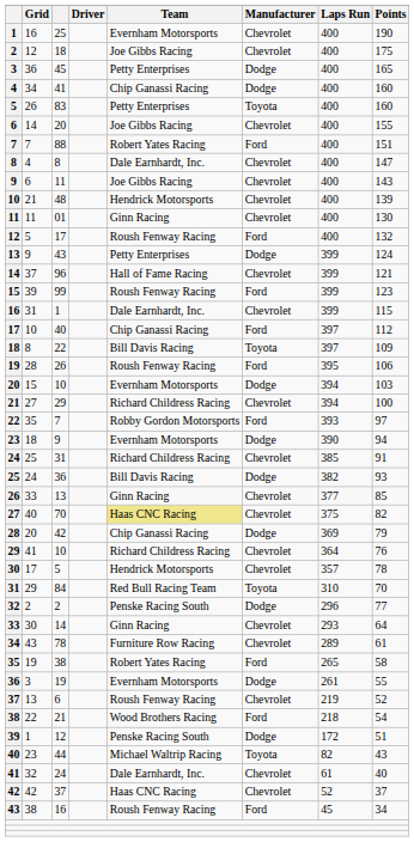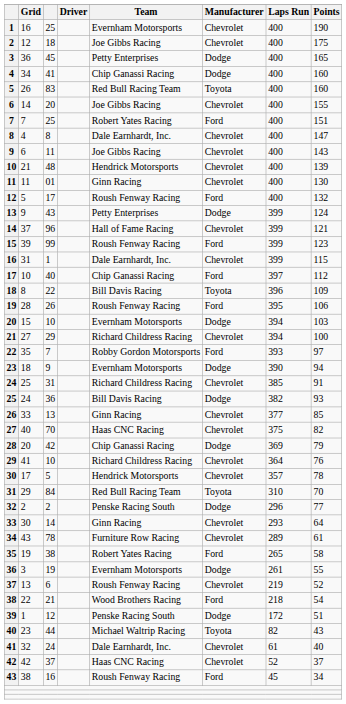 <table class="wikitable sortable" border="1">
 <tr>
 </tr>
 <tr>
 <th scope="col"></th>
 <th scope="col">Grid</th>
 <th scope="col"></th>
 <th scope="col">Driver</th>
 <th scope="col">Team</th>
 <th scope="col">Manufacturer</th>
 <th scope="col">Laps Run</th>
 <th scope="col">Points</th>
 </tr>
 <tr>
 <th scope="row">1</th>
 <td>16</td>
 <td>25</td>
 <td></td>
 <td>Evernham Motorsports</td>
 <td>Chevrolet</td>
 <td>400</td>
 <td>190</td>
 </tr>
 <tr>
 <th scope="row">2</th>
 <td>12</td>
 <td>18</td>
 <td></td>
 <td>Joe Gibbs Racing</td>
 <td>Chevrolet</td>
 <td>400</td>
 <td>175</td>
 </tr>
 <tr>
 <th scope="row">3</th>
 <td>36</td>
 <td>45</td>
 <td></td>
 <td>Petty Enterprises</td>
 <td>Dodge</td>
 <td>400</td>
 <td>165</td>
 </tr>
 <tr>
 <th scope="row">4</th>
 <td>34</td>
 <td>41</td>
 <td></td>
 <td>Chip Ganassi Racing</td>
 <td>Dodge</td>
 <td>400</td>
 <td>160</td>
 </tr>
 <tr>
 <th scope="row">5</th>
 <td>26</td>
 <td>83</td>
 <td></td>
-<td>Petty Enterprises</td>
+<td>Red Bull Racing Team</td>
 <td>Toyota</td>
 <td>400</td>
 <td>160</td>
 </tr>
 <tr>
 <th scope="row">6</th>
 <td>14</td>
 <td>20</td>
 <td></td>
 <td>Joe Gibbs Racing</td>
 <td>Chevrolet</td>
 <td>400</td>
 <td>155</td>
 </tr>
 <tr>
 <th scope="row">7</th>
 <td>7</td>
-<td>88</td>
+<td>25</td>
 <td></td>
 <td>Robert Yates Racing</td>
 <td>Ford</td>
 <td>400</td>
 <td>151</td>
 </tr>
 <tr>
 <th scope="row">8</th>
 <td>4</td>
 <td>8</td>
 <td></td>
 <td>Dale Earnhardt, Inc.</td>
 <td>Chevrolet</td>
 <td>400</td>
 <td>147</td>
 </tr>
 <tr>
 <th scope="row">9</th>
 <td>6</td>
 <td>11</td>
 <td></td>
 <td>Joe Gibbs Racing</td>
 <td>Chevrolet</td>
 <td>400</td>
 <td>143</td>
 </tr>
 <tr>
 <th scope="row">10</th>
 <td>21</td>
 <td>48</td>
 <td></td>
 <td>Hendrick Motorsports</td>
 <td>Chevrolet</td>
 <td>400</td>
 <td>139</td>
 </tr>
 <tr>
 <th scope="row">11</th>
 <td>11</td>
 <td>01</td>
 <td></td>
 <td>Ginn Racing</td>
 <td>Chevrolet</td>
 <td>400</td>
 <td>130</td>
 </tr>
 <tr>
 <th scope="row">12</th>
 <td>5</td>
 <td>17</td>
 <td></td>
 <td>Roush Fenway Racing</td>
 <td>Ford</td>
 <td>400</td>
 <td>132</td>
 </tr>
 <tr>
 <th scope="row">13</th>
 <td>9</td>
 <td>43</td>
 <td></td>
 <td>Petty Enterprises</td>
 <td>Dodge</td>
 <td>399</td>
 <td>124</td>
 </tr>
 <tr>
 <th scope="row">14</th>
 <td>37</td>
 <td>96</td>
 <td></td>
 <td>Hall of Fame Racing</td>
 <td>Chevrolet</td>
 <td>399</td>
 <td>121</td>
 </tr>
 <tr>
 <th scope="row">15</th>
 <td>39</td>
 <td>99</td>
 <td></td>
 <td>Roush Fenway Racing</td>
 <td>Ford</td>
 <td>399</td>
 <td>123</td>
 </tr>
 <tr>
 <th scope="row">16</th>
 <td>31</td>
 <td>1</td>
 <td></td>
 <td>Dale Earnhardt, Inc.</td>
 <td>Chevrolet</td>
 <td>399</td>
 <td>115</td>
 </tr>
 <tr>
 <th scope="row">17</th>
 <td>10</td>
 <td>40</td>
 <td></td>
 <td>Chip Ganassi Racing</td>
 <td>Ford</td>
 <td>397</td>
 <td>112</td>
 </tr>
 <tr>
 <th scope="row">18</th>
 <td>8</td>
 <td>22</td>
 <td></td>
 <td>Bill Davis Racing</td>
 <td>Toyota</td>
-<td>397</td>
+<td>396</td>
 <td>109</td>
 </tr>
 <tr>
 <th scope="row">19</th>
 <td>28</td>
 <td>26</td>
 <td></td>
 <td>Roush Fenway Racing</td>
 <td>Ford</td>
 <td>395</td>
 <td>106</td>
 </tr>
 <tr>
 <th scope="row">20</th>
 <td>15</td>
 <td>10</td>
 <td></td>
 <td>Evernham Motorsports</td>
 <td>Dodge</td>
 <td>394</td>
 <td>103</td>
 </tr>
 <tr>
 <th scope="row">21</th>
 <td>27</td>
 <td>29</td>
 <td></td>
 <td>Richard Childress Racing</td>
 <td>Chevrolet</td>
 <td>394</td>
 <td>100</td>
 </tr>
 <tr>
 <th scope="row">22</th>
 <td>35</td>
 <td>7</td>
 <td></td>
 <td>Robby Gordon Motorsports</td>
 <td>Ford</td>
 <td>393</td>
 <td>97</td>
 </tr>
 <tr>
 <th scope="row">23</th>
 <td>18</td>
 <td>9</td>
 <td></td>
 <td>Evernham Motorsports</td>
 <td>Dodge</td>
 <td>390</td>
 <td>94</td>
 </tr>
 <tr>
 <th scope="row">24</th>
 <td>25</td>
 <td>31</td>
 <td></td>
 <td>Richard Childress Racing</td>
 <td>Chevrolet</td>
 <td>385</td>
 <td>91</td>
 </tr>
 <tr>
 <th scope="row">25</th>
 <td>24</td>
 <td>36</td>
 <td></td>
 <td>Bill Davis Racing</td>
 <td>Dodge</td>
 <td>382</td>
 <td>93</td>
 </tr>
 <tr>
 <th scope="row">26</th>
 <td>33</td>
 <td>13</td>
 <td></td>
 <td>Ginn Racing</td>
 <td>Chevrolet</td>
 <td>377</td>
 <td>85</td>
 </tr>
 <tr>
 <th scope="row">27</th>
 <td>40</td>
 <td>70</td>
 <td></td>
-<td style="background: khaki;">Haas CNC Racing</td>
+<td>Haas CNC Racing</td>
 <td>Chevrolet</td>
 <td>375</td>
 <td>82</td>
 </tr>
 <tr>
 <th scope="row">28</th>
 <td>20</td>
 <td>42</td>
 <td></td>
 <td>Chip Ganassi Racing</td>
 <td>Dodge</td>
 <td>369</td>
 <td>79</td>
 </tr>
 <tr>
 <th scope="row">29</th>
 <td>41</td>
 <td>10</td>
 <td></td>
 <td>Richard Childress Racing</td>
 <td>Chevrolet</td>
 <td>364</td>
 <td>76</td>
 </tr>
 <tr>
 <th scope="row">30</th>
 <td>17</td>
 <td>5</td>
 <td></td>
 <td>Hendrick Motorsports</td>
 <td>Chevrolet</td>
 <td>357</td>
 <td>78</td>
 </tr>
 <tr>
 <th scope="row">31</th>
 <td>29</td>
 <td>84</td>
 <td></td>
 <td>Red Bull Racing Team</td>
 <td>Toyota</td>
 <td>310</td>
 <td>70</td>
 </tr>
 <tr>
 <th scope="row">32</th>
 <td>2</td>
 <td>2</td>
 <td></td>
 <td>Penske Racing South</td>
 <td>Dodge</td>
 <td>296</td>
 <td>77</td>
 </tr>
 <tr>
 <th scope="row">33</th>
 <td>30</td>
 <td>14</td>
 <td></td>
 <td>Ginn Racing</td>
 <td>Chevrolet</td>
 <td>293</td>
 <td>64</td>
 </tr>
 <tr>
 <th scope="row">34</th>
 <td>43</td>
 <td>78</td>
 <td></td>
 <td>Furniture Row Racing</td>
 <td>Chevrolet</td>
 <td>289</td>
 <td>61</td>
 </tr>
 <tr>
 <th scope="row">35</th>
 <td>19</td>
 <td>38</td>
 <td></td>
 <td>Robert Yates Racing</td>
 <td>Ford</td>
 <td>265</td>
 <td>58</td>
 </tr>
 <tr>
 <th scope="row">36</th>
 <td>3</td>
 <td>19</td>
 <td></td>
 <td>Evernham Motorsports</td>
 <td>Dodge</td>
 <td>261</td>
 <td>55</td>
 </tr>
 <tr>
 <th scope="row">37</th>
 <td>13</td>
 <td>6</td>
 <td></td>
 <td>Roush Fenway Racing</td>
 <td>Chevrolet</td>
 <td>219</td>
 <td>52</td>
 </tr>
 <tr>
 <th scope="row">38</th>
 <td>22</td>
 <td>21</td>
 <td></td>
 <td>Wood Brothers Racing</td>
 <td>Ford</td>
 <td>218</td>
 <td>54</td>
 </tr>
 <tr>
 <th scope="row">39</th>
 <td>1</td>
 <td>12</td>
 <td></td>
 <td>Penske Racing South</td>
 <td>Dodge</td>
 <td>172</td>
 <td>51</td>
 </tr>
 <tr>
 <th scope="row">40</th>
 <td>23</td>
 <td>44</td>
 <td></td>
 <td>Michael Waltrip Racing</td>
 <td>Toyota</td>
 <td>82</td>
 <td>43</td>
 </tr>
 <tr>
 <th scope="row">41</th>
 <td>32</td>
 <td>24</td>
 <td></td>
 <td>Dale Earnhardt, Inc.</td>
 <td>Chevrolet</td>
 <td>61</td>
 <td>40</td>
 </tr>
 <tr>
 <th scope="row">42</th>
 <td>42</td>
 <td>37</td>
 <td></td>
 <td>Haas CNC Racing</td>
 <td>Chevrolet</td>
 <td>52</td>
 <td>37</td>
 </tr>
 <tr>
 <th scope="row">43</th>
 <td>38</td>
 <td>16</td>
 <td></td>
 <td>Roush Fenway Racing</td>
 <td>Ford</td>
 <td>45</td>
 <td>34</td>
 </tr>
 <tr class="sortbottom">
 <td colspan="9"></td>
 </tr>
 <tr class="sortbottom">
 <td colspan="9"></td>
 </tr>
 <tr class="sortbottom">
 <td colspan="9"></td>
 </tr>
 </table>
